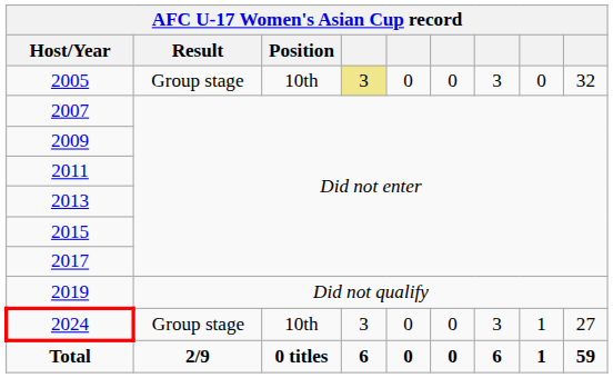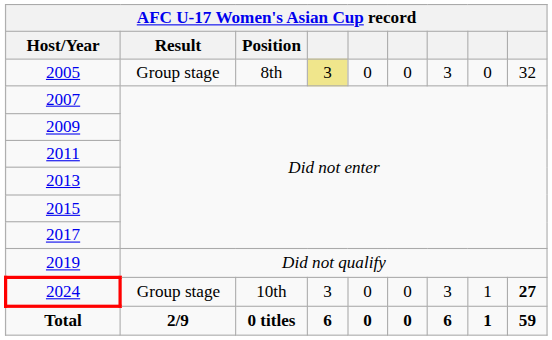 <table class="wikitable" style="text-align: center;">
 <tr>
 <th colspan=9 style="background:color: #0000FF;"><a href='#'>AFC U-17 Women's Asian Cup</a> record</th>
 </tr>
 <tr>
 <th style="width:100px;">Host/Year</th>
 <th style="width:100px;">Result</th>
 <th style="width:60px;">Position</th>
 <th style="width:30px;"></th>
 <th style="width:30px;"></th>
 <th style="width:30px;"></th>
 <th style="width:30px;"></th>
 <th style="width:30px;"></th>
 <th style="width:30px;"></th>
 </tr>
 <tr>
 <td> <a href='#'>2005</a></td>
 <td>Group stage</td>
-<td>10th</td>
+<td>8th</td>
 <td style="background: khaki;">3</td>
 <td>0</td>
 <td>0</td>
 <td>3</td>
 <td>0</td>
 <td>32</td>
 </tr>
 <tr>
 <td> <a href='#'>2007</a></td>
 <td rowspan=6 colspan=8><em>Did not enter</em></td>
 </tr>
 <tr>
 <td> <a href='#'>2009</a></td>
 </tr>
 <tr>
 <td> <a href='#'>2011</a></td>
 </tr>
 <tr>
 <td> <a href='#'>2013</a></td>
 </tr>
 <tr>
 <td> <a href='#'>2015</a></td>
 </tr>
 <tr>
 <td> <a href='#'>2017</a></td>
 </tr>
 <tr>
 <td> <a href='#'>2019</a></td>
 <td colspan=8><em>Did not qualify</em></td>
 </tr>
 <tr>
 <td style="border: 3px solid red"> <a href='#'>2024</a></td>
 <td>Group stage</td>
 <td>10th</td>
 <td>3</td>
 <td>0</td>
 <td>0</td>
 <td>3</td>
 <td>1</td>
-<td>27</td>
+<td><strong>27</strong></td>
 </tr>
 <tr>
 <td><strong>Total</strong></td>
 <td><strong>2/9</strong></td>
 <td><strong>0 titles</strong></td>
 <td><strong>6</strong></td>
 <td><strong>0</strong></td>
 <td><strong>0</strong></td>
 <td><strong>6</strong></td>
 <td><strong>1</strong></td>
 <td><strong>59</strong></td>
 </tr>
 </table>
